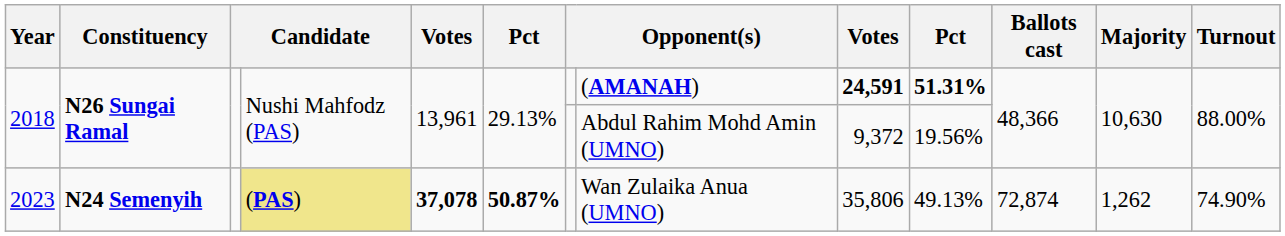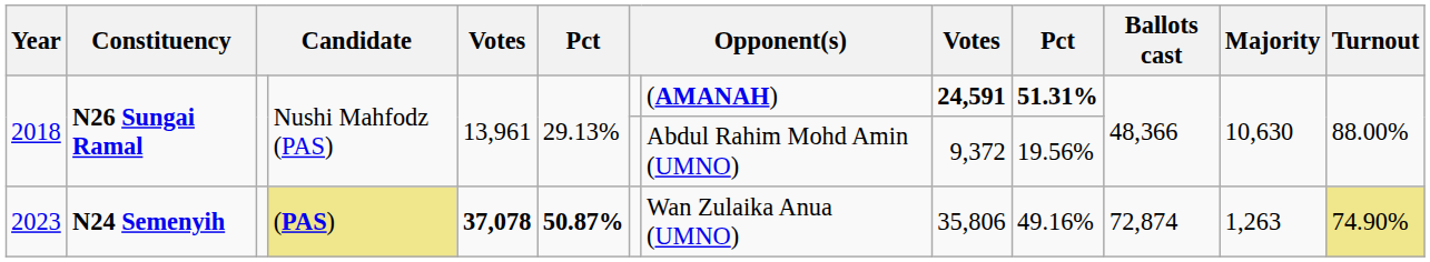 <table class="wikitable" style="margin:0.5em ; font-size:95%">
 <tr>
 <th>Year</th>
 <th>Constituency</th>
 <th colspan=2>Candidate</th>
 <th>Votes</th>
 <th>Pct</th>
 <th colspan=2>Opponent(s)</th>
 <th>Votes</th>
 <th>Pct</th>
 <th>Ballots cast</th>
 <th>Majority</th>
 <th>Turnout</th>
 </tr>
 <tr>
 <td rowspan=2><a href='#'>2018</a></td>
 <td rowspan=2><strong>N26 <a href='#'>Sungai Ramal</a></strong></td>
 <td rowspan=2 ></td>
 <td rowspan=2>Nushi Mahfodz (<a href='#'>PAS</a>)</td>
 <td rowspan=2 align=right>13,961</td>
 <td rowspan=2>29.13%</td>
 <td></td>
 <td> (<a href='#'><strong>AMANAH</strong></a>)</td>
 <td align=right><strong>24,591</strong></td>
 <td><strong>51.31%</strong></td>
 <td rowspan=2>48,366</td>
 <td rowspan=2>10,630</td>
 <td rowspan=2>88.00%</td>
 </tr>
 <tr>
 <td></td>
 <td>Abdul Rahim Mohd Amin (<a href='#'>UMNO</a>)</td>
 <td align=right>9,372</td>
 <td>19.56%</td>
 </tr>
 <tr>
 <td><a href='#'>2023</a></td>
 <td><strong>N24 <a href='#'>Semenyih</a></strong></td>
 <td></td>
 <td style="background: khaki;"> (<a href='#'><strong>PAS</strong></a>)</td>
 <td align=right><strong>37,078</strong></td>
 <td><strong>50.87%</strong></td>
 <td></td>
 <td>Wan Zulaika Anua (<a href='#'>UMNO</a>)</td>
 <td align=right>35,806</td>
-<td>49.13%</td>
+<td>49.16%</td>
 <td>72,874</td>
-<td>1,262</td>
-<td>74.90%</td>
+<td>1,263</td>
+<td style="background: khaki;">74.90%</td>
 </tr>
 </table>
